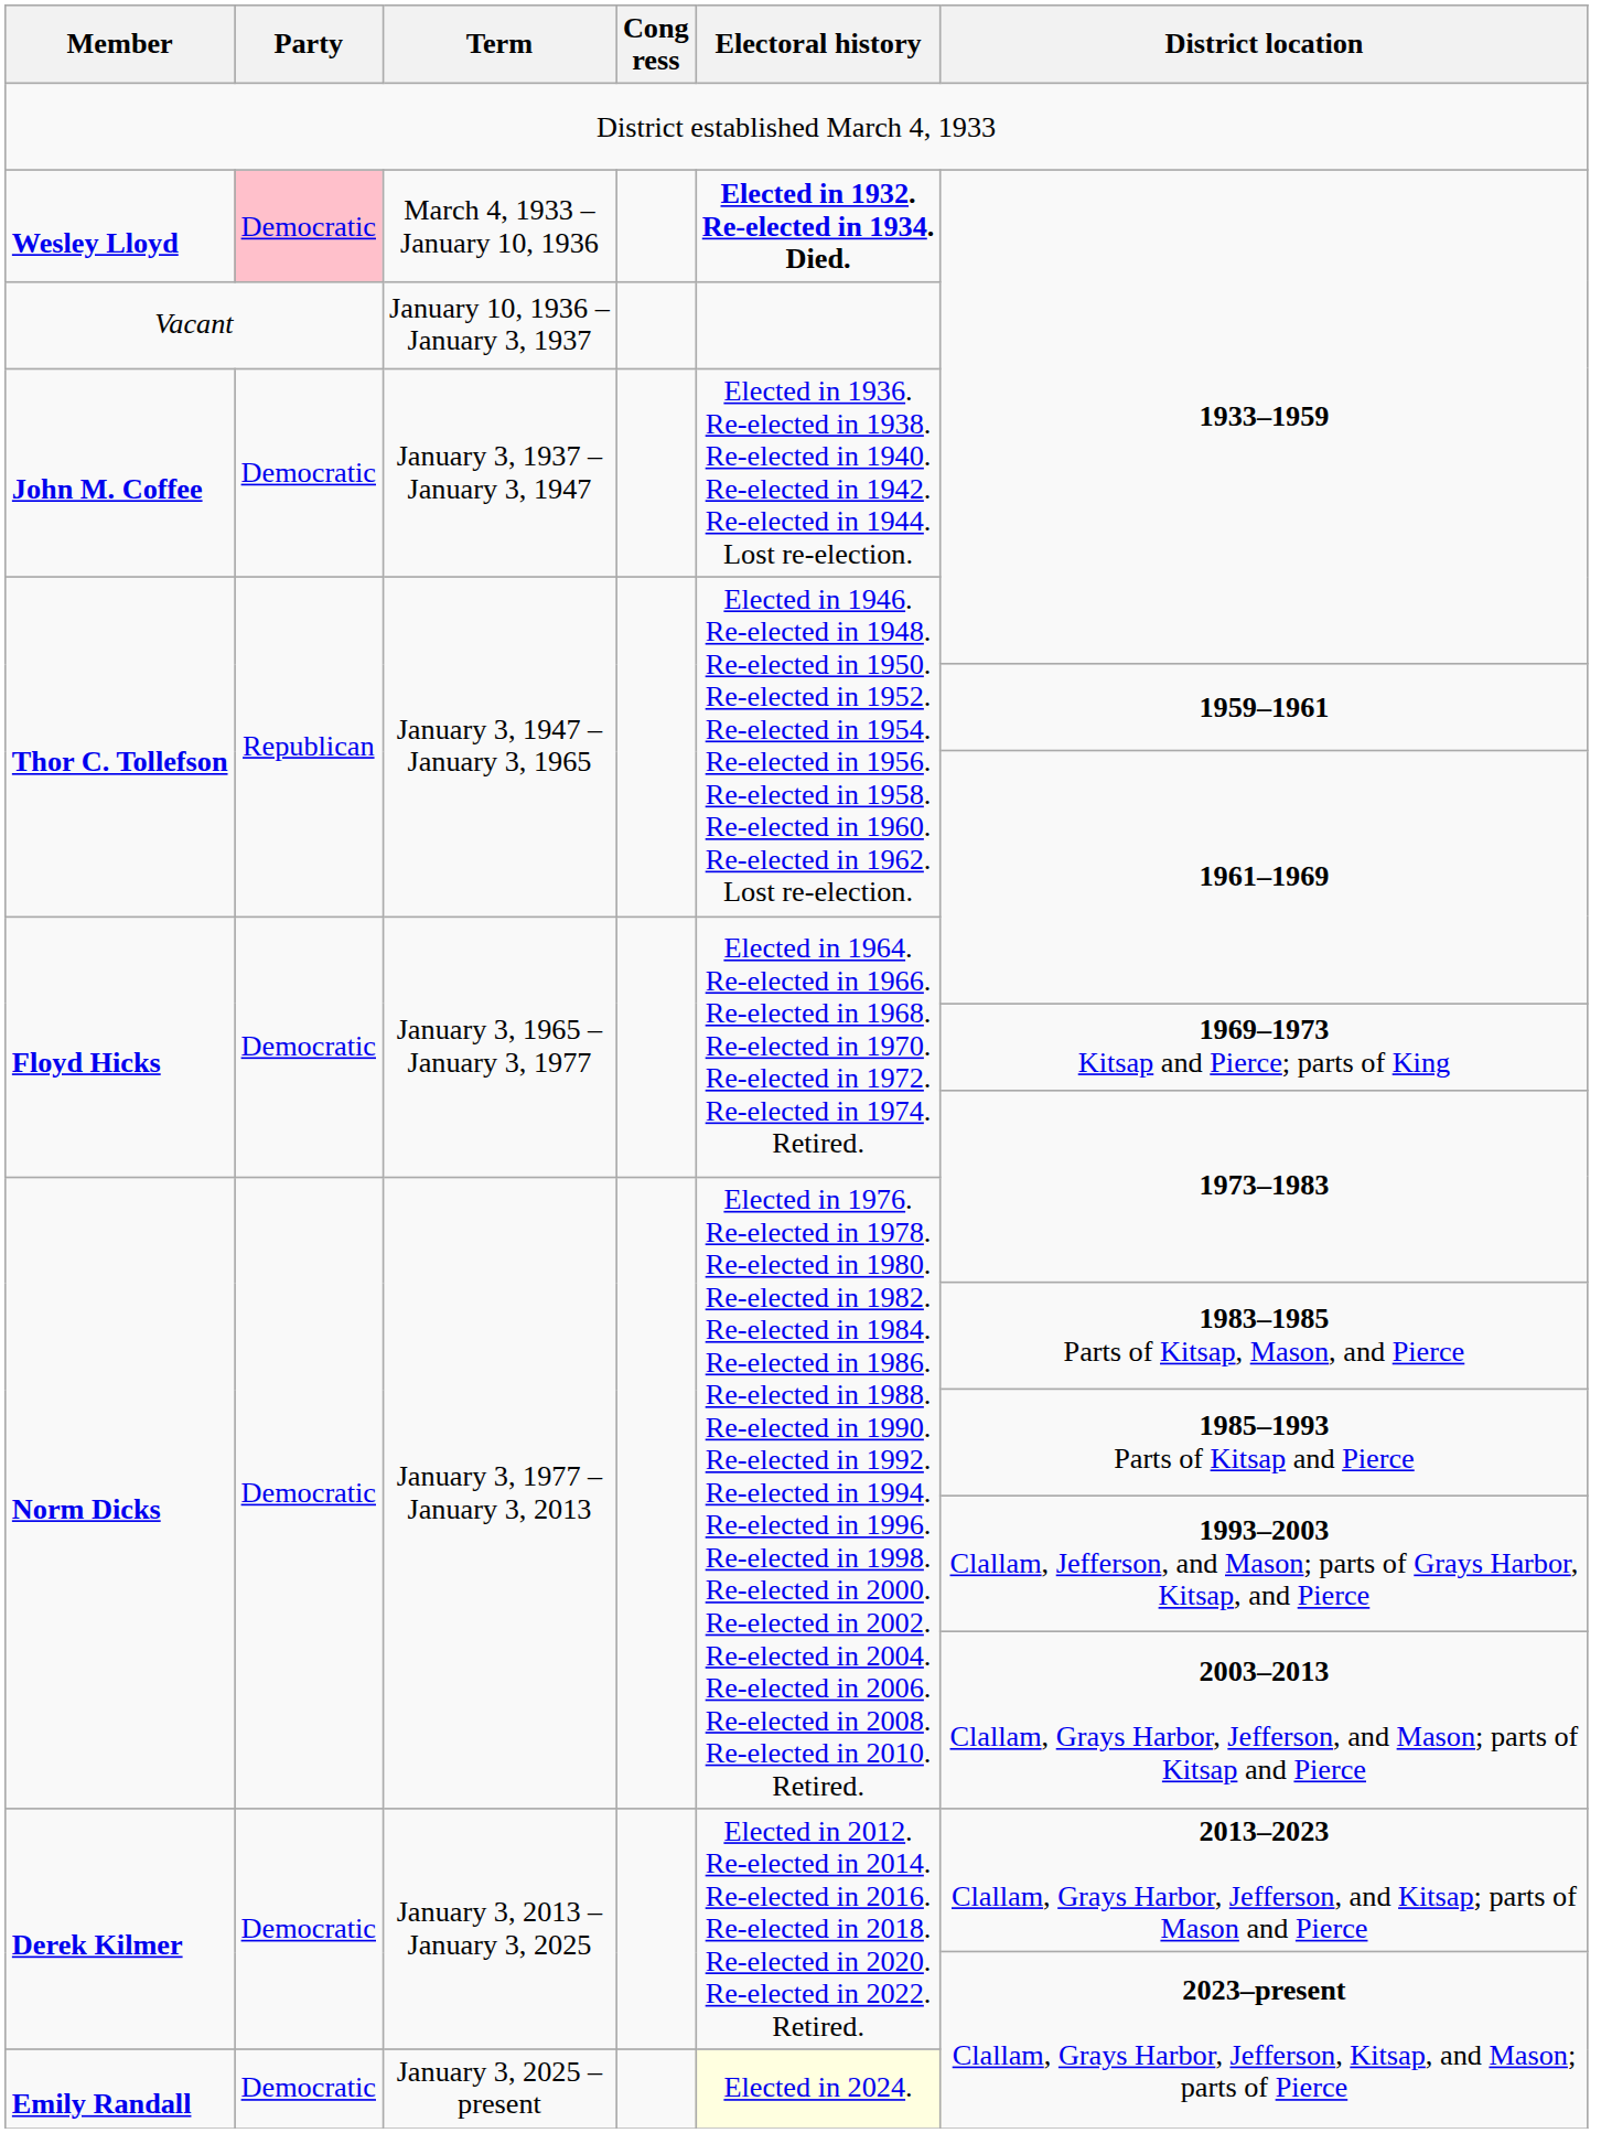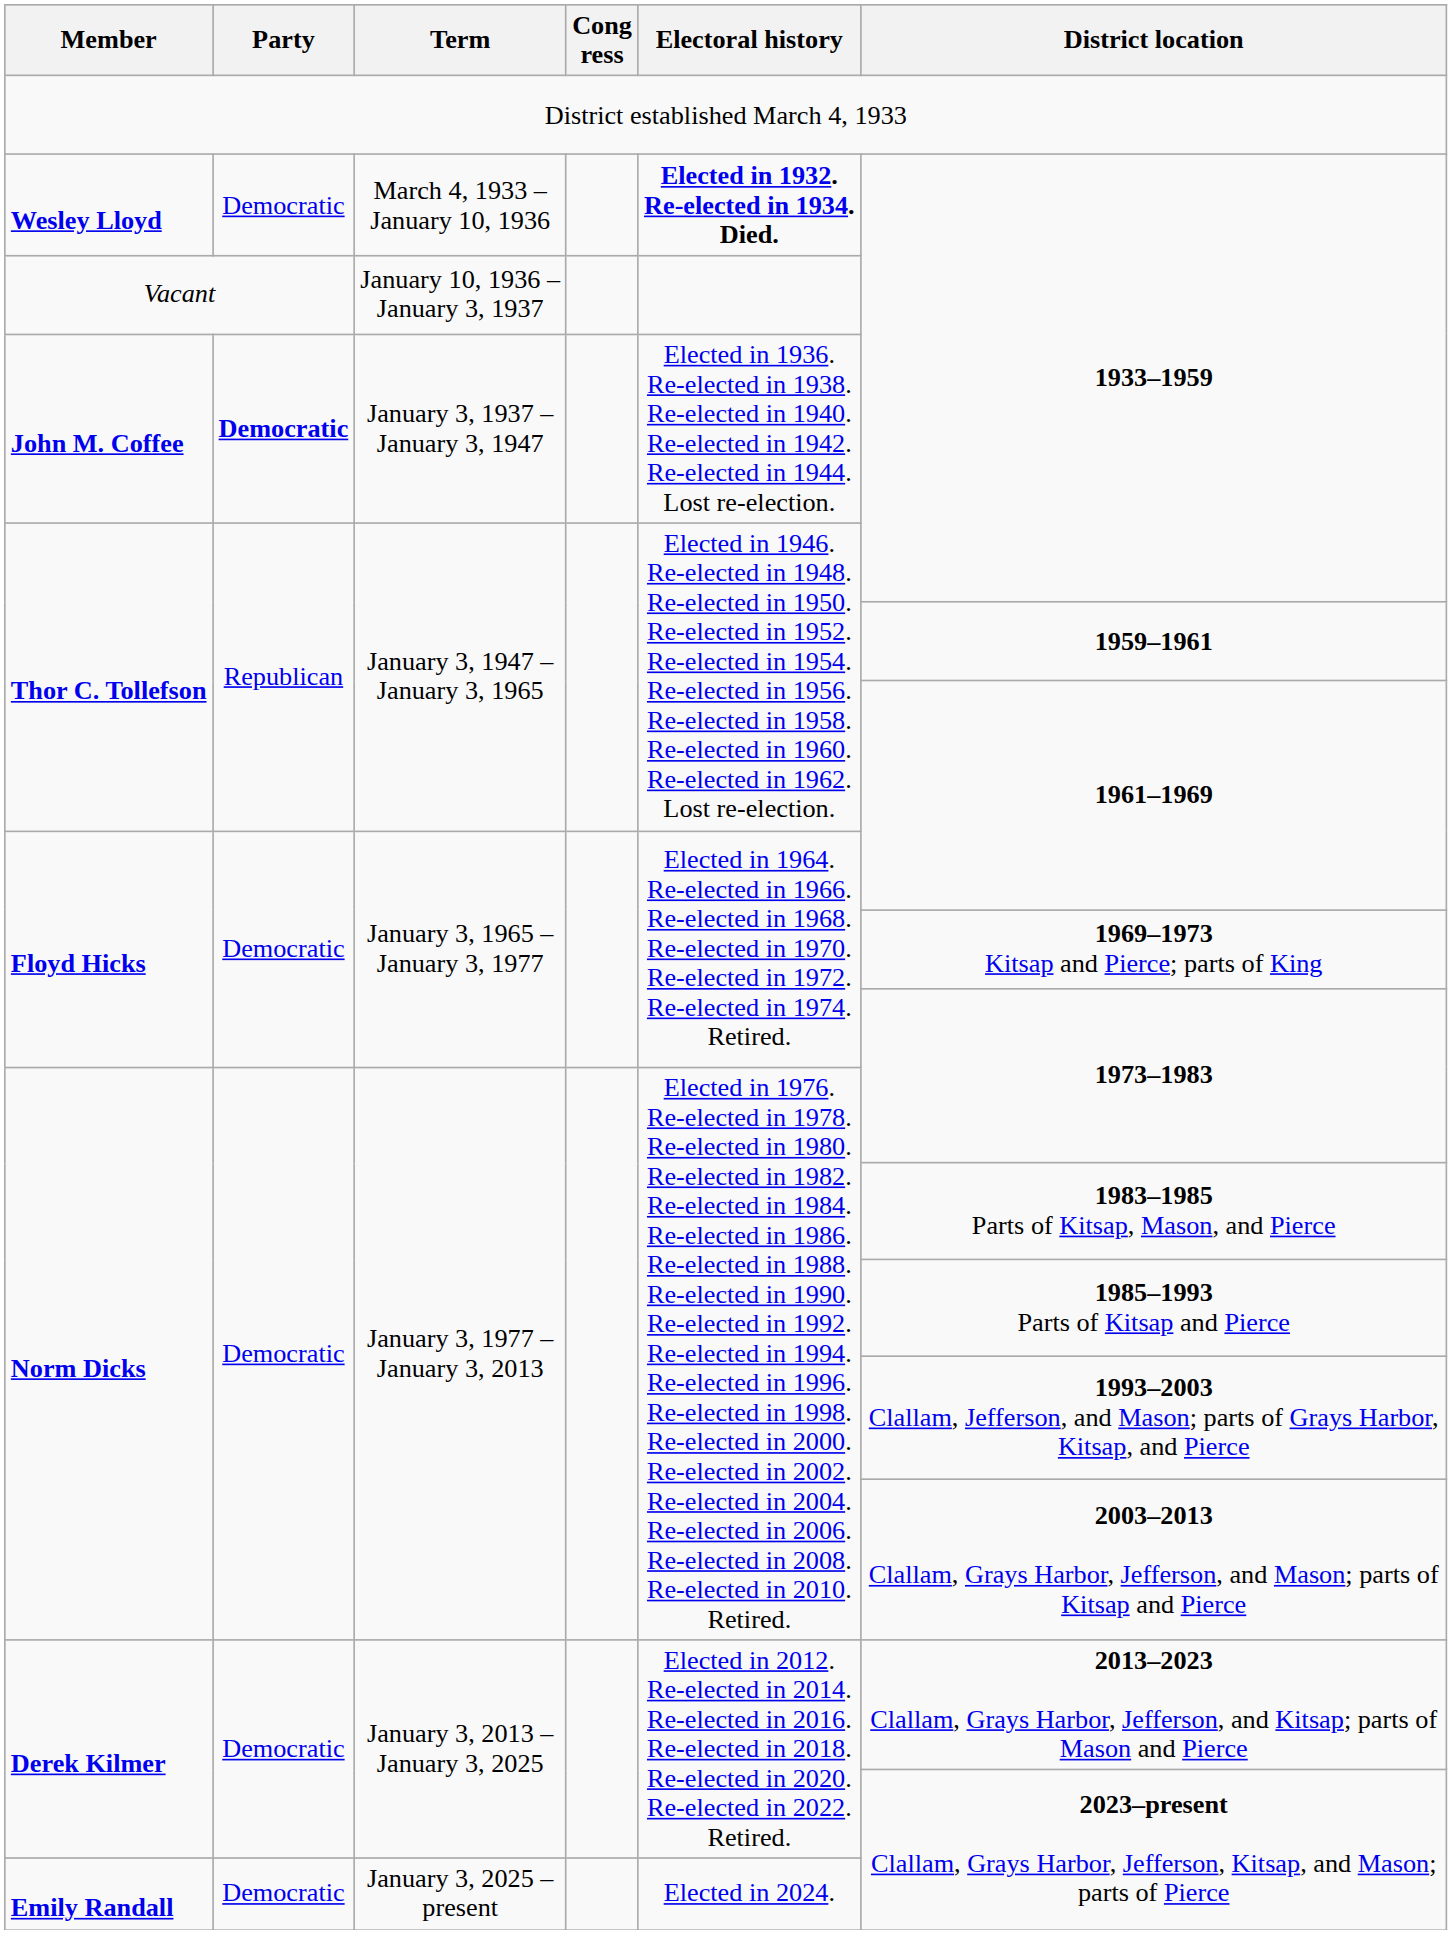 <table class=wikitable style="text-align:center">
 <tr>
 <th>Member</th>
 <th>Party</th>
 <th>Term</th>
 <th>Cong<br>ress</th>
 <th>Electoral history</th>
 <th width=350>District location</th>
 </tr>
 <tr style="height:3em">
 <td colspan=6>District established March 4, 1933</td>
 </tr>
 <tr style="height:3em">
 <td align=left><br><strong><a href='#'>Wesley Lloyd</a></strong><br></td>
-<td style="background: pink;"><a href='#'>Democratic</a></td>
+<td><a href='#'>Democratic</a></td>
 <td nowrap>March 4, 1933 –<br>January 10, 1936</td>
 <td></td>
 <td><strong><a href='#'>Elected in 1932</a>.<br><a href='#'>Re-elected in 1934</a>.<br>Died.</strong></td>
 <td rowspan=4><strong>1933–1959</strong><br></td>
 </tr>
 <tr style="height:3em">
 <td Colspan=2><em>Vacant</em></td>
 <td nowrap>January 10, 1936 –<br>January 3, 1937</td>
 <td></td>
 <td></td>
 </tr>
 <tr style="height:3em">
 <td align=left><br><strong><a href='#'>John M. Coffee</a></strong><br></td>
-<td><a href='#'>Democratic</a></td>
+<td><strong><a href='#'>Democratic</a></strong></td>
 <td nowrap>January 3, 1937 –<br>January 3, 1947</td>
 <td></td>
 <td><a href='#'>Elected in 1936</a>.<br><a href='#'>Re-elected in 1938</a>.<br><a href='#'>Re-elected in 1940</a>.<br><a href='#'>Re-elected in 1942</a>.<br><a href='#'>Re-elected in 1944</a>.<br>Lost re-election.</td>
 </tr>
 <tr style="height:3em">
 <td rowspan=3 align=left><br><strong><a href='#'>Thor C. Tollefson</a></strong><br></td>
 <td rowspan=3 ><a href='#'>Republican</a></td>
 <td rowspan=3 nowrap>January 3, 1947 –<br>January 3, 1965</td>
 <td rowspan=3></td>
 <td rowspan=3><a href='#'>Elected in 1946</a>.<br><a href='#'>Re-elected in 1948</a>.<br><a href='#'>Re-elected in 1950</a>.<br><a href='#'>Re-elected in 1952</a>.<br><a href='#'>Re-elected in 1954</a>.<br><a href='#'>Re-elected in 1956</a>.<br><a href='#'>Re-elected in 1958</a>.<br><a href='#'>Re-elected in 1960</a>.<br><a href='#'>Re-elected in 1962</a>.<br>Lost re-election.</td>
 </tr>
 <tr style="height:3em">
 <td><strong>1959–1961</strong><br></td>
 </tr>
 <tr style="height:3em">
 <td rowspan=2><strong>1961–1969</strong><br></td>
 </tr>
 <tr style="height:3em">
 <td rowspan=3 align=left><br><strong><a href='#'>Floyd Hicks</a></strong><br></td>
 <td rowspan=3 ><a href='#'>Democratic</a></td>
 <td rowspan=3 nowrap>January 3, 1965 –<br>January 3, 1977</td>
 <td rowspan=3></td>
 <td rowspan=3><a href='#'>Elected in 1964</a>.<br><a href='#'>Re-elected in 1966</a>.<br><a href='#'>Re-elected in 1968</a>.<br><a href='#'>Re-elected in 1970</a>.<br><a href='#'>Re-elected in 1972</a>.<br><a href='#'>Re-elected in 1974</a>.<br>Retired.</td>
 </tr>
 <tr style="height:3em">
 <td><strong>1969–1973</strong><br><a href='#'>Kitsap</a> and <a href='#'>Pierce</a>; parts of <a href='#'>King</a></td>
 </tr>
 <tr style="height:3em">
 <td rowspan=2><strong>1973–1983</strong><br></td>
 </tr>
 <tr style="height:3em">
 <td rowspan=5 align=left><br><strong><a href='#'>Norm Dicks</a></strong><br></td>
 <td rowspan=5 ><a href='#'>Democratic</a></td>
 <td rowspan=5 nowrap>January 3, 1977 –<br>January 3, 2013</td>
 <td rowspan=5></td>
 <td rowspan=5><a href='#'>Elected in 1976</a>.<br><a href='#'>Re-elected in 1978</a>.<br><a href='#'>Re-elected in 1980</a>.<br><a href='#'>Re-elected in 1982</a>.<br><a href='#'>Re-elected in 1984</a>.<br><a href='#'>Re-elected in 1986</a>.<br><a href='#'>Re-elected in 1988</a>.<br><a href='#'>Re-elected in 1990</a>.<br><a href='#'>Re-elected in 1992</a>.<br><a href='#'>Re-elected in 1994</a>.<br><a href='#'>Re-elected in 1996</a>.<br><a href='#'>Re-elected in 1998</a>.<br><a href='#'>Re-elected in 2000</a>.<br><a href='#'>Re-elected in 2002</a>.<br><a href='#'>Re-elected in 2004</a>.<br><a href='#'>Re-elected in 2006</a>.<br><a href='#'>Re-elected in 2008</a>.<br><a href='#'>Re-elected in 2010</a>.<br>Retired.</td>
 </tr>
 <tr style="height:3em">
 <td><strong>1983–1985</strong><br>Parts of <a href='#'>Kitsap</a>, <a href='#'>Mason</a>, and <a href='#'>Pierce</a></td>
 </tr>
 <tr style="height:3em">
 <td><strong>1985–1993</strong><br>Parts of <a href='#'>Kitsap</a> and <a href='#'>Pierce</a></td>
 </tr>
 <tr style="height:3em">
 <td><strong>1993–2003</strong><br><a href='#'>Clallam</a>, <a href='#'>Jefferson</a>, and <a href='#'>Mason</a>; parts of <a href='#'>Grays Harbor</a>, <a href='#'>Kitsap</a>, and <a href='#'>Pierce</a></td>
 </tr>
 <tr style="height:3em">
 <td><strong>2003–2013</strong><br><br><a href='#'>Clallam</a>, <a href='#'>Grays Harbor</a>, <a href='#'>Jefferson</a>, and <a href='#'>Mason</a>; parts of <a href='#'>Kitsap</a> and <a href='#'>Pierce</a></td>
 </tr>
 <tr style="height:3em">
 <td rowspan=2 align=left><br><strong><a href='#'>Derek Kilmer</a></strong><br></td>
 <td rowspan=2 ><a href='#'>Democratic</a></td>
 <td rowspan=2 nowrap>January 3, 2013 –<br>January 3, 2025</td>
 <td rowspan=2></td>
 <td rowspan=2><a href='#'>Elected in 2012</a>.<br><a href='#'>Re-elected in 2014</a>.<br><a href='#'>Re-elected in 2016</a>.<br><a href='#'>Re-elected in 2018</a>.<br><a href='#'>Re-elected in 2020</a>.<br><a href='#'>Re-elected in 2022</a>.<br>Retired.</td>
 <td><strong>2013–2023</strong><br><br><a href='#'>Clallam</a>, <a href='#'>Grays Harbor</a>, <a href='#'>Jefferson</a>, and <a href='#'>Kitsap</a>; parts of <a href='#'>Mason</a> and <a href='#'>Pierce</a></td>
 </tr>
 <tr style="height:3em">
 <td rowspan="2"><strong>2023–present</strong><br><br><a href='#'>Clallam</a>, <a href='#'>Grays Harbor</a>, <a href='#'>Jefferson</a>, <a href='#'>Kitsap</a>, and <a href='#'>Mason</a>; parts of <a href='#'>Pierce</a></td>
 </tr>
 <tr>
 <td align=left><br><strong><a href='#'>Emily Randall</a></strong> <br></td>
 <td><a href='#'>Democratic</a></td>
 <td>January 3, 2025 –<br>present</td>
 <td></td>
-<td style="background: lightyellow;"><a href='#'>Elected in 2024</a>.</td>
+<td><a href='#'>Elected in 2024</a>.</td>
 </tr>
 </table>
